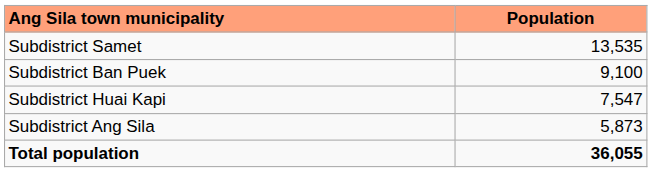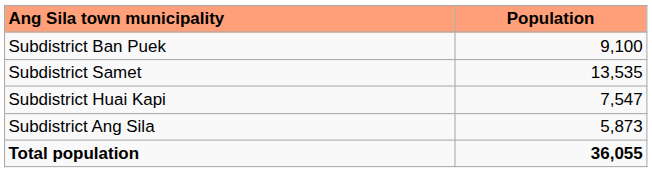 <table class="wikitable" style="width:48%; display:inline-table;">
 <tr>
 <td style= "background: #ffa07a;"><strong>Ang Sila town municipality</strong></td>
 <td style= "background: #ffa07a; text-align:center;"><strong>Population</strong></td>
 </tr>
 <tr>
+<td>Subdistrict Ban Puek</td>
+<td style="text-align:right;">9,100</td>
+</tr>
+<tr>
 <td>Subdistrict Samet</td>
 <td style="text-align:right;">13,535</td>
-</tr>
-<tr>
-<td>Subdistrict Ban Puek</td>
-<td style="text-align:right;">9,100</td>
 </tr>
 <tr>
 <td>Subdistrict Huai Kapi</td>
 <td style="text-align:right;">7,547</td>
 </tr>
 <tr>
 <td>Subdistrict Ang Sila</td>
 <td style="text-align:right;">5,873</td>
 </tr>
 <tr>
 <td><strong>Total population</strong></td>
 <td style="text-align:right;"><strong>36,055</strong></td>
 </tr>
 </table>
